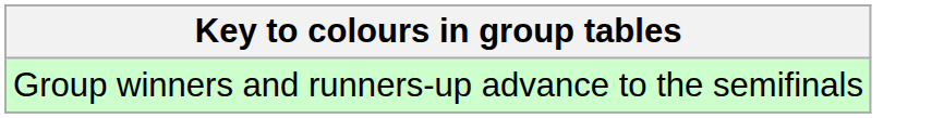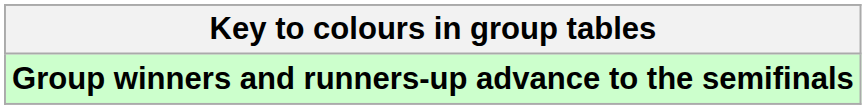 <table class="wikitable">
 <tr>
 <th>Key to colours in group tables</th>
 </tr>
 <tr bgcolor=#ccffcc>
-<td>Group winners and runners-up advance to the semifinals</td>
+<td><strong>Group winners and runners-up advance to the semifinals</strong></td>
 </tr>
 </table>
